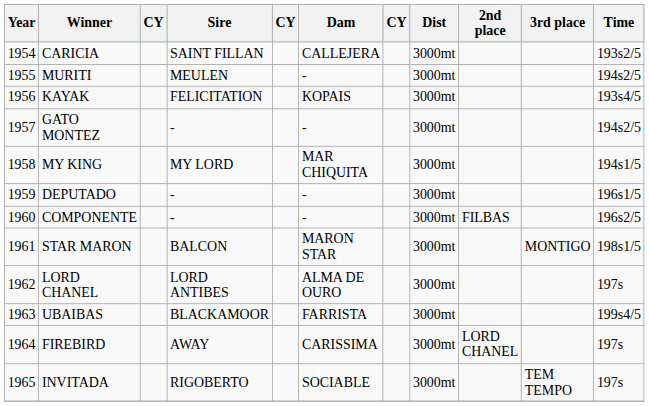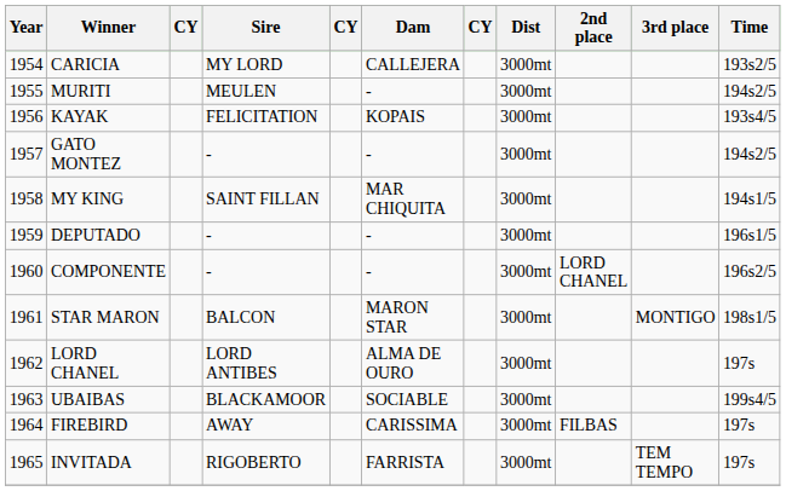 <table class = "sortable wikitable">
 <tr style="background:#7d7; text-align:center;">
 <th>Year</th>
 <th>Winner</th>
 <th>CY</th>
 <th>Sire</th>
 <th>CY</th>
 <th>Dam</th>
 <th>CY</th>
 <th style="white-space:nowrap">Dist</th>
 <th>2nd place</th>
 <th>3rd place</th>
 <th>Time</th>
 </tr>
 <tr>
 <td>1954</td>
 <td>CARICIA</td>
 <td></td>
-<td>SAINT FILLAN</td>
+<td>MY LORD</td>
 <td></td>
 <td>CALLEJERA</td>
 <td></td>
 <td>3000mt</td>
 <td></td>
 <td></td>
 <td>193s2/5</td>
 </tr>
 <tr>
 <td>1955</td>
 <td>MURITI</td>
 <td></td>
 <td>MEULEN</td>
 <td></td>
 <td>-</td>
 <td></td>
 <td>3000mt</td>
 <td></td>
 <td></td>
 <td>194s2/5</td>
 </tr>
 <tr>
 <td>1956</td>
 <td>KAYAK</td>
 <td></td>
 <td>FELICITATION</td>
 <td></td>
 <td>KOPAIS</td>
 <td></td>
 <td>3000mt</td>
 <td></td>
 <td></td>
 <td>193s4/5</td>
 </tr>
 <tr>
 <td>1957</td>
 <td>GATO MONTEZ</td>
 <td></td>
 <td>-</td>
 <td></td>
 <td>-</td>
 <td></td>
 <td>3000mt</td>
 <td></td>
 <td></td>
 <td>194s2/5</td>
 </tr>
 <tr>
 <td>1958</td>
 <td>MY KING</td>
 <td></td>
-<td>MY LORD</td>
+<td>SAINT FILLAN</td>
 <td></td>
 <td>MAR CHIQUITA</td>
 <td></td>
 <td>3000mt</td>
 <td></td>
 <td></td>
 <td>194s1/5</td>
 </tr>
 <tr>
 <td>1959</td>
 <td>DEPUTADO</td>
 <td></td>
 <td>-</td>
 <td></td>
 <td>-</td>
 <td></td>
 <td>3000mt</td>
 <td></td>
 <td></td>
 <td>196s1/5</td>
 </tr>
 <tr>
 <td>1960</td>
 <td>COMPONENTE</td>
 <td></td>
 <td>-</td>
 <td></td>
 <td>-</td>
 <td></td>
 <td>3000mt</td>
-<td>FILBAS</td>
+<td>LORD CHANEL</td>
 <td></td>
 <td>196s2/5</td>
 </tr>
 <tr>
 <td>1961</td>
 <td>STAR MARON</td>
 <td></td>
 <td>BALCON</td>
 <td></td>
 <td>MARON STAR</td>
 <td></td>
 <td>3000mt</td>
 <td></td>
 <td>MONTIGO</td>
 <td>198s1/5</td>
 </tr>
 <tr>
 <td>1962</td>
 <td>LORD CHANEL</td>
 <td></td>
 <td>LORD ANTIBES</td>
 <td></td>
 <td>ALMA DE OURO</td>
 <td></td>
 <td>3000mt</td>
 <td></td>
 <td></td>
 <td>197s</td>
 </tr>
 <tr>
 <td>1963</td>
 <td>UBAIBAS</td>
 <td></td>
 <td>BLACKAMOOR</td>
 <td></td>
-<td>FARRISTA</td>
+<td>SOCIABLE</td>
 <td></td>
 <td>3000mt</td>
 <td></td>
 <td></td>
 <td>199s4/5</td>
 </tr>
 <tr>
 <td>1964</td>
 <td>FIREBIRD</td>
 <td></td>
 <td>AWAY</td>
 <td></td>
 <td>CARISSIMA</td>
 <td></td>
 <td>3000mt</td>
-<td>LORD CHANEL</td>
+<td>FILBAS</td>
 <td></td>
 <td>197s</td>
 </tr>
 <tr>
 <td>1965</td>
 <td>INVITADA</td>
 <td></td>
 <td>RIGOBERTO</td>
 <td></td>
-<td>SOCIABLE</td>
+<td>FARRISTA</td>
 <td></td>
 <td>3000mt</td>
 <td></td>
 <td>TEM TEMPO</td>
 <td>197s</td>
 </tr>
 <tr>
 </tr>
 </table>
